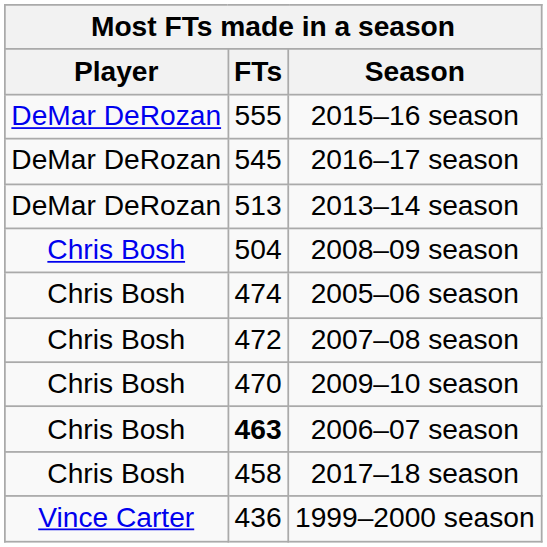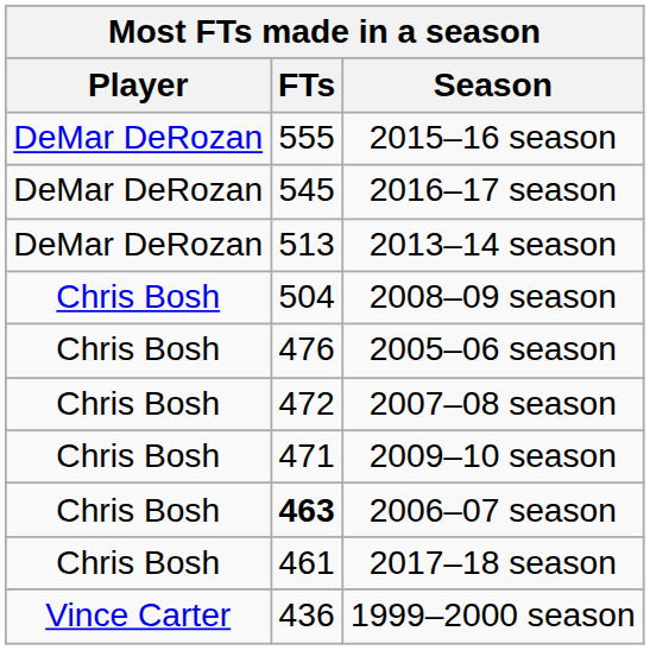 <table class="wikitable" style="text-align:center">
 <tr>
 <th colspan="3">Most FTs made in a season</th>
 </tr>
 <tr>
 <th>Player</th>
 <th>FTs</th>
 <th>Season</th>
 </tr>
 <tr>
 <td><a href='#'>DeMar DeRozan</a></td>
 <td>555</td>
 <td>2015–16 season</td>
 </tr>
 <tr>
 <td>DeMar DeRozan</td>
 <td>545</td>
 <td>2016–17 season</td>
 </tr>
 <tr>
 <td>DeMar DeRozan</td>
 <td>513</td>
 <td>2013–14 season</td>
 </tr>
 <tr>
 <td><a href='#'>Chris Bosh</a></td>
 <td>504</td>
 <td>2008–09 season</td>
 </tr>
 <tr>
 <td>Chris Bosh</td>
-<td>474</td>
+<td>476</td>
 <td>2005–06 season</td>
 </tr>
 <tr>
 <td>Chris Bosh</td>
 <td>472</td>
 <td>2007–08 season</td>
 </tr>
 <tr>
 <td>Chris Bosh</td>
-<td>470</td>
+<td>471</td>
 <td>2009–10 season</td>
 </tr>
 <tr>
 <td>Chris Bosh</td>
 <td><strong>463</strong></td>
 <td>2006–07 season</td>
 </tr>
 <tr>
 <td>Chris Bosh</td>
-<td>458</td>
+<td>461</td>
 <td>2017–18 season</td>
 </tr>
 <tr>
 <td><a href='#'>Vince Carter</a></td>
 <td>436</td>
 <td>1999–2000 season</td>
 </tr>
 </table>
